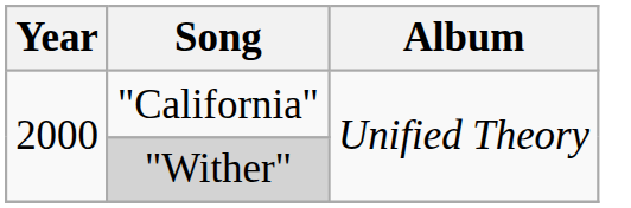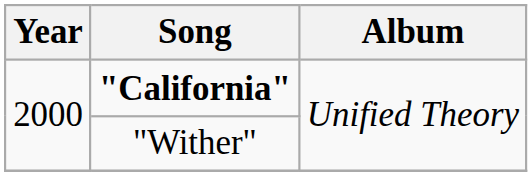 <table class="wikitable plainrowheaders" style="text-align:center;" border="1">
 <tr>
 <th scope="col">Year</th>
 <th scope="col">Song</th>
 <th scope="col">Album</th>
 </tr>
 <tr>
 <td rowspan="2">2000</td>
-<td>"California"</td>
+<td><strong>"California"</strong></td>
 <td rowspan="2"><em>Unified Theory</em></td>
 </tr>
 <tr>
-<td style="background: lightgrey;">"Wither"</td>
+<td>"Wither"</td>
 </tr>
 <tr>
 </tr>
 </table>
